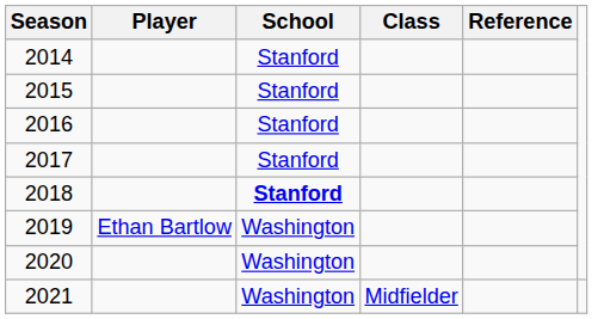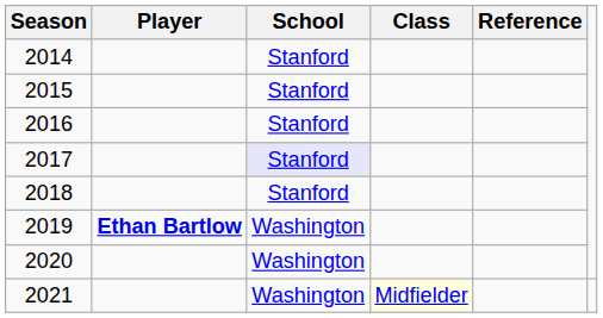 <table class="wikitable sortable">
 <tr>
 <th>Season</th>
 <th>Player</th>
 <th>School</th>
 <th>Class</th>
 <th class="unsortable">Reference</th>
 </tr>
 <tr>
 <td align="center">2014</td>
 <td align="center"></td>
 <td align="center"><a href='#'>Stanford</a></td>
 <td align="center"></td>
 <td align="center"></td>
 </tr>
 <tr>
 <td align="center">2015</td>
 <td align="center"></td>
 <td align="center"><a href='#'>Stanford</a></td>
 <td align="center"></td>
 <td align="center"></td>
 </tr>
 <tr>
 <td align="center">2016</td>
 <td align="center"></td>
 <td align="center"><a href='#'>Stanford</a></td>
 <td align="center"></td>
 <td align="center"></td>
 </tr>
 <tr>
 <td align="center">2017</td>
 <td align="center"></td>
-<td align="center"><a href='#'>Stanford</a></td>
+<td align="center" style="background: lavender;"><a href='#'>Stanford</a></td>
 <td align="center"></td>
 <td align="center"></td>
 </tr>
 <tr>
 <td align="center">2018</td>
 <td align="center"></td>
-<td align="center"><strong><a href='#'>Stanford</a></strong></td>
+<td align="center"><a href='#'>Stanford</a></td>
 <td align="center"></td>
 <td align="center"></td>
 </tr>
 <tr>
 <td align="center">2019</td>
-<td align="center"><a href='#'>Ethan Bartlow</a></td>
+<td align="center"><strong><a href='#'>Ethan Bartlow</a></strong></td>
 <td align="center"><a href='#'>Washington</a></td>
 <td align="center"></td>
 <td align="center"></td>
 </tr>
 <tr>
 <td align="center">2020</td>
 <td align="center"></td>
 <td align="center"><a href='#'>Washington</a></td>
 <td align="center"></td>
 <td align="center"></td>
 </tr>
 <tr>
 <td align="center">2021</td>
 <td align="center"></td>
 <td align="center"><a href='#'>Washington</a></td>
-<td align="center"><a href='#'>Midfielder</a></td>
+<td align="center" style="background: lightyellow;"><a href='#'>Midfielder</a></td>
 <td align="center"></td>
 <td align="center"></td>
 </tr>
 </table>
